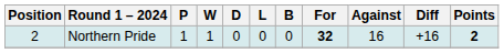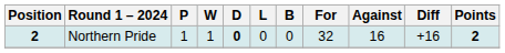 <table class="wikitable" style="text-align:center; font-size:85%;">
 <tr style="background: #d7ebed;">
 <th width="40" abbr="Position">Position</th>
 <th width="100">Round 1 – 2024</th>
 <th width="20" abbr="Played">P</th>
 <th width="20" abbr="Won">W</th>
 <th width="20" abbr="Drawn">D</th>
 <th width="20" abbr="Lost">L</th>
 <th width="20" abbr="Bye">B</th>
 <th width="40" abbr="Points for">For</th>
 <th width="40" abbr="Points against">Against</th>
 <th width="40" abbr="Points difference">Diff</th>
 <th width="40" abbr="Points">Points</th>
 </tr>
 <tr style="background: #d7ebed;">
-<td>2</td>
+<td><strong>2</strong></td>
 <td style="text-align:left;"> Northern Pride</td>
 <td>1</td>
 <td>1</td>
+<td><strong>0</strong></td>
 <td>0</td>
 <td>0</td>
-<td>0</td>
-<td><strong>32</strong></td>
+<td>32</td>
 <td>16</td>
 <td>+16</td>
 <td><strong>2</strong></td>
 </tr>
 <tr>
 </tr>
 </table>
